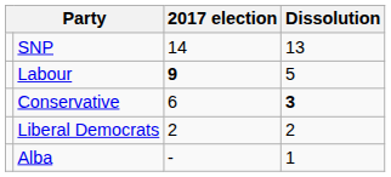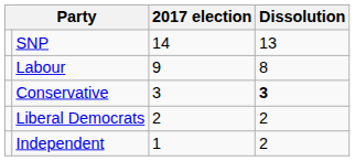 <table class="wikitable">
 <tr>
 <th colspan="2">Party</th>
 <th>2017 election</th>
 <th>Dissolution</th>
 </tr>
 <tr>
 <td style="background:"></td>
 <td><a href='#'>SNP</a></td>
 <td>14</td>
 <td>13</td>
 </tr>
 <tr>
 <td style="background:"></td>
 <td><a href='#'>Labour</a></td>
-<td><strong>9</strong></td>
-<td>5</td>
+<td>9</td>
+<td>8</td>
 </tr>
 <tr>
 <td style="background:"></td>
 <td><a href='#'>Conservative</a></td>
-<td>6</td>
+<td>3</td>
 <td><strong>3</strong></td>
 </tr>
 <tr>
 <td style="background:"></td>
 <td><a href='#'>Liberal Democrats</a></td>
 <td>2</td>
 <td>2</td>
 </tr>
 <tr>
 <td style="background:"></td>
-<td><a href='#'>Alba</a></td>
-<td>-</td>
+<td><a href='#'>Independent</a></td>
 <td>1</td>
+<td>2</td>
 </tr>
 </table>
